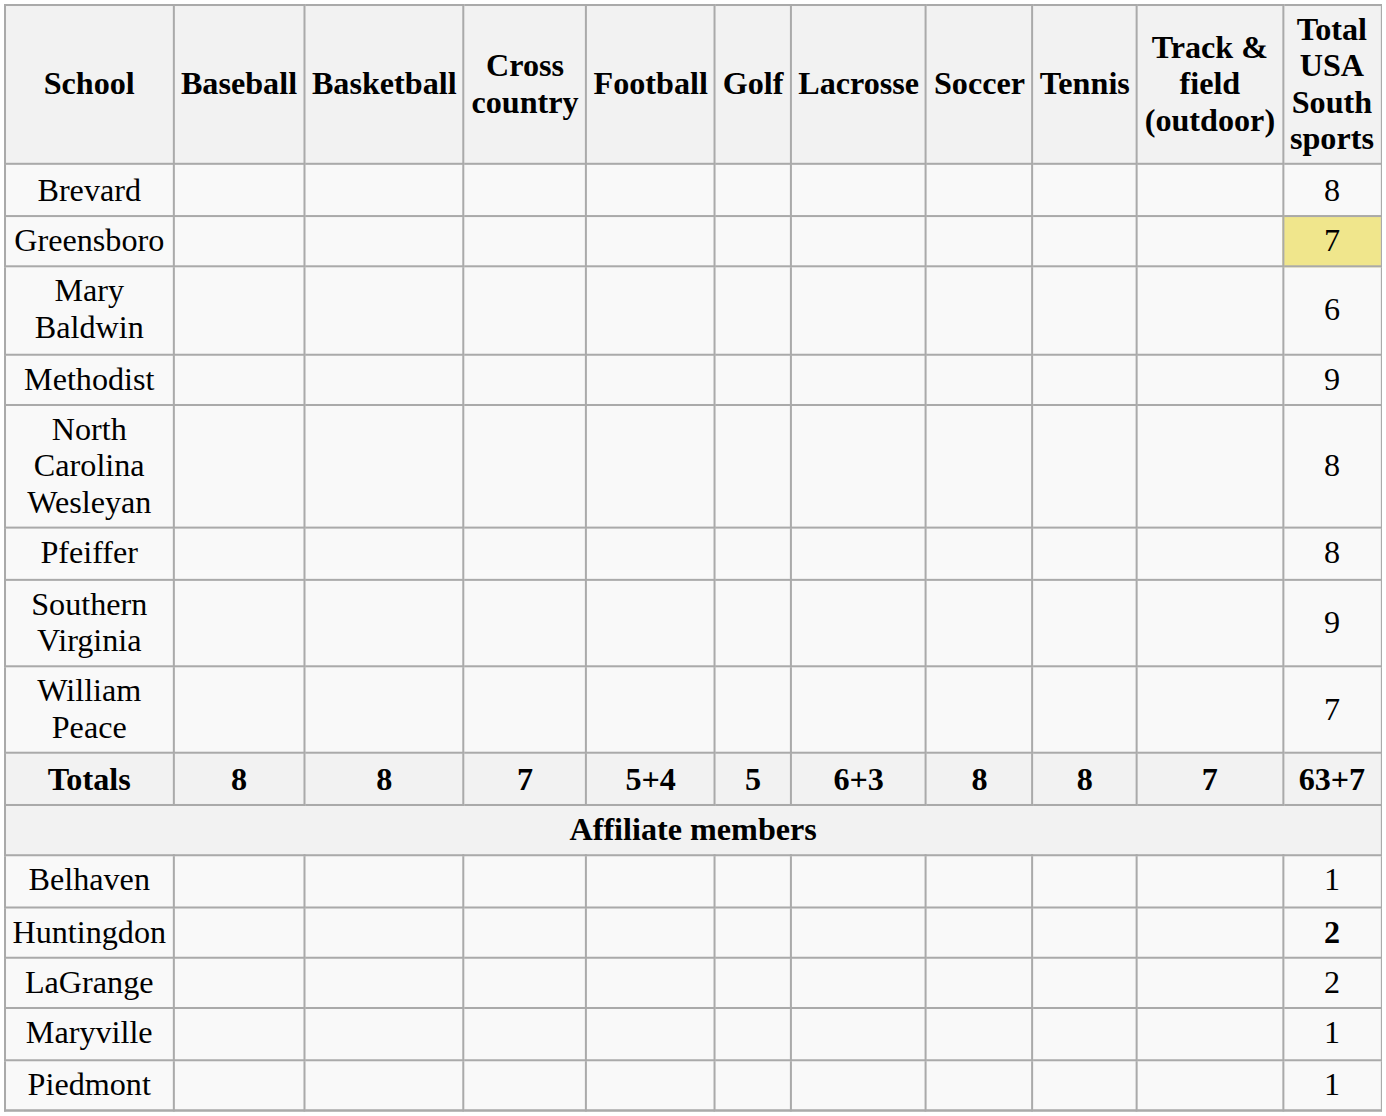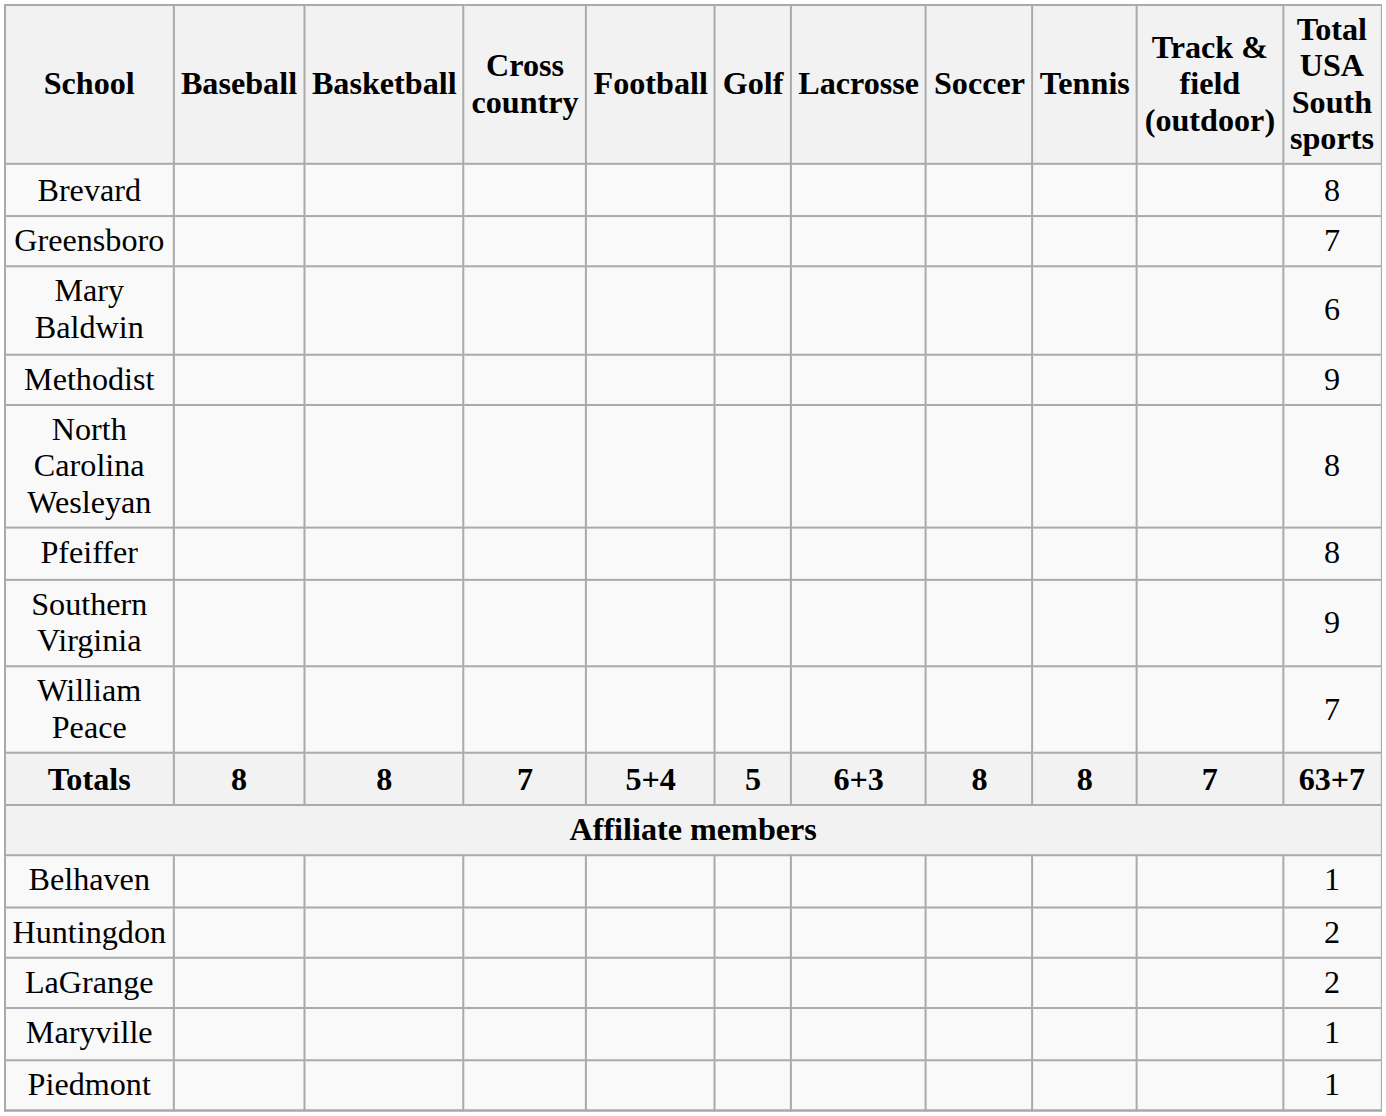 <table class="wikitable" style="text-align:center; width:100%">
 <tr>
 <th>School</th>
 <th>Baseball</th>
 <th>Basketball</th>
 <th>Cross country</th>
 <th>Football</th>
 <th>Golf</th>
 <th>Lacrosse</th>
 <th>Soccer</th>
 <th>Tennis</th>
 <th>Track & field<br>(outdoor)</th>
 <th>Total USA<br>South sports</th>
 </tr>
 <tr>
 <td>Brevard</td>
 <td></td>
 <td></td>
 <td></td>
 <td></td>
 <td></td>
 <td></td>
 <td></td>
 <td></td>
 <td></td>
 <td>8</td>
 </tr>
 <tr>
 <td>Greensboro</td>
 <td></td>
 <td></td>
 <td></td>
 <td></td>
 <td></td>
 <td></td>
 <td></td>
 <td></td>
 <td></td>
-<td style="background: khaki;">7</td>
+<td>7</td>
 </tr>
 <tr>
 <td>Mary Baldwin</td>
 <td></td>
 <td></td>
 <td></td>
 <td></td>
 <td></td>
 <td></td>
 <td></td>
 <td></td>
 <td></td>
 <td>6</td>
 </tr>
 <tr>
 <td>Methodist</td>
 <td></td>
 <td></td>
 <td></td>
 <td></td>
 <td></td>
 <td></td>
 <td></td>
 <td></td>
 <td></td>
 <td>9</td>
 </tr>
 <tr>
 <td>North Carolina Wesleyan</td>
 <td></td>
 <td></td>
 <td></td>
 <td></td>
 <td></td>
 <td></td>
 <td></td>
 <td></td>
 <td></td>
 <td>8</td>
 </tr>
 <tr>
 <td>Pfeiffer</td>
 <td></td>
 <td></td>
 <td></td>
 <td></td>
 <td></td>
 <td></td>
 <td></td>
 <td></td>
 <td></td>
 <td>8</td>
 </tr>
 <tr>
 <td>Southern Virginia</td>
 <td></td>
 <td></td>
 <td></td>
 <td></td>
 <td></td>
 <td></td>
 <td></td>
 <td></td>
 <td></td>
 <td>9</td>
 </tr>
 <tr>
 <td>William Peace</td>
 <td></td>
 <td></td>
 <td></td>
 <td></td>
 <td></td>
 <td></td>
 <td></td>
 <td></td>
 <td></td>
 <td>7</td>
 </tr>
 <tr>
 <th>Totals</th>
 <th>8</th>
 <th>8</th>
 <th>7</th>
 <th>5+4</th>
 <th>5</th>
 <th>6+3</th>
 <th>8</th>
 <th>8</th>
 <th>7</th>
 <th>63+7</th>
 </tr>
 <tr>
 <th colspan="12">Affiliate members</th>
 </tr>
 <tr>
 <td>Belhaven</td>
 <td></td>
 <td></td>
 <td></td>
 <td></td>
 <td></td>
 <td></td>
 <td></td>
 <td></td>
 <td></td>
 <td>1</td>
 </tr>
 <tr>
 <td>Huntingdon</td>
 <td></td>
 <td></td>
 <td></td>
 <td></td>
 <td></td>
 <td></td>
 <td></td>
 <td></td>
 <td></td>
-<td><strong>2</strong></td>
+<td>2</td>
 </tr>
 <tr>
 <td>LaGrange</td>
 <td></td>
 <td></td>
 <td></td>
 <td></td>
 <td></td>
 <td></td>
 <td></td>
 <td></td>
 <td></td>
 <td>2</td>
 </tr>
 <tr>
 <td>Maryville</td>
 <td></td>
 <td></td>
 <td></td>
 <td></td>
 <td></td>
 <td></td>
 <td></td>
 <td></td>
 <td></td>
 <td>1</td>
 </tr>
 <tr>
 <td>Piedmont</td>
 <td></td>
 <td></td>
 <td></td>
 <td></td>
 <td></td>
 <td></td>
 <td></td>
 <td></td>
 <td></td>
 <td>1</td>
 </tr>
 <tr>
 </tr>
 </table>
